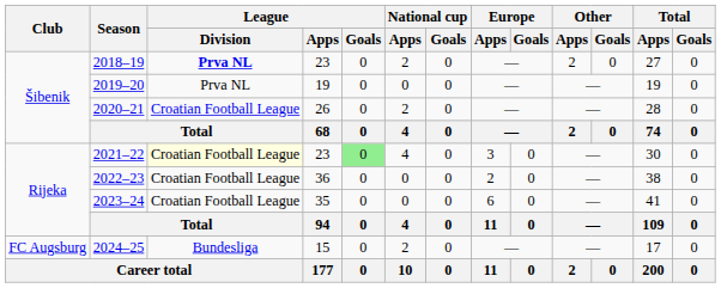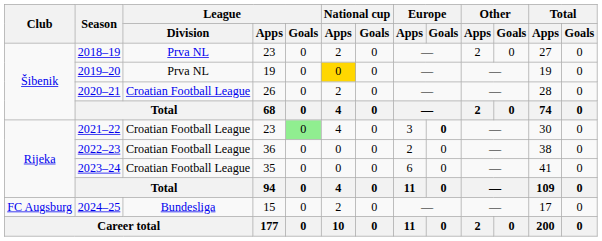 <table class="wikitable" style="text-align:center">
 <tr>
 <th rowspan="2">Club</th>
 <th rowspan="2">Season</th>
 <th colspan="3">League</th>
 <th colspan="2">National cup</th>
 <th colspan="2">Europe</th>
 <th colspan="2">Other</th>
 <th colspan="2">Total</th>
 </tr>
 <tr>
 <th>Division</th>
 <th>Apps</th>
 <th>Goals</th>
 <th>Apps</th>
 <th>Goals</th>
 <th>Apps</th>
 <th>Goals</th>
 <th>Apps</th>
 <th>Goals</th>
 <th>Apps</th>
 <th>Goals</th>
 </tr>
 <tr>
 <td rowspan="4"><a href='#'>Šibenik</a></td>
 <td><a href='#'>2018–19</a></td>
-<td><strong><a href='#'>Prva NL</a></strong></td>
+<td><a href='#'>Prva NL</a></td>
 <td>23</td>
 <td>0</td>
 <td>2</td>
 <td>0</td>
 <td colspan="2">—</td>
 <td>2</td>
 <td>0</td>
 <td>27</td>
 <td>0</td>
 </tr>
 <tr>
 <td><a href='#'>2019–20</a></td>
 <td>Prva NL</td>
 <td>19</td>
 <td>0</td>
-<td>0</td>
+<td style="background: gold;">0</td>
 <td>0</td>
 <td colspan="2">—</td>
 <td colspan="2">—</td>
 <td>19</td>
 <td>0</td>
 </tr>
 <tr>
 <td><a href='#'>2020–21</a></td>
 <td><a href='#'>Croatian Football League</a></td>
 <td>26</td>
 <td>0</td>
 <td>2</td>
 <td>0</td>
 <td colspan="2">—</td>
 <td colspan="2">—</td>
 <td>28</td>
 <td>0</td>
 </tr>
 <tr>
 <th colspan="2">Total</th>
 <th>68</th>
 <th>0</th>
 <th>4</th>
 <th>0</th>
 <th colspan="2">—</th>
 <th>2</th>
 <th>0</th>
 <th>74</th>
 <th>0</th>
 </tr>
 <tr>
 <td rowspan="4"><a href='#'>Rijeka</a></td>
 <td><a href='#'>2021–22</a></td>
-<td style="background: lightyellow;">Croatian Football League</td>
+<td>Croatian Football League</td>
 <td>23</td>
 <td style="background: lightgreen;">0</td>
 <td>4</td>
 <td>0</td>
 <td>3</td>
-<td>0</td>
+<td><strong>0</strong></td>
 <td colspan="2">—</td>
 <td>30</td>
 <td>0</td>
 </tr>
 <tr>
 <td><a href='#'>2022–23</a></td>
 <td>Croatian Football League</td>
 <td>36</td>
 <td>0</td>
 <td>0</td>
 <td>0</td>
 <td>2</td>
 <td>0</td>
 <td colspan="2">—</td>
 <td>38</td>
 <td>0</td>
 </tr>
 <tr>
 <td><a href='#'>2023–24</a></td>
 <td>Croatian Football League</td>
 <td>35</td>
 <td>0</td>
 <td>0</td>
 <td>0</td>
 <td>6</td>
 <td>0</td>
 <td colspan="2">—</td>
 <td>41</td>
 <td>0</td>
 </tr>
 <tr>
 <th colspan="2">Total</th>
 <th>94</th>
 <th>0</th>
 <th>4</th>
 <th>0</th>
 <th>11</th>
 <th>0</th>
 <th colspan="2">—</th>
 <th>109</th>
 <th>0</th>
 </tr>
 <tr>
 <td><a href='#'>FC Augsburg</a></td>
 <td><a href='#'>2024–25</a></td>
 <td><a href='#'>Bundesliga</a></td>
 <td>15</td>
 <td>0</td>
 <td>2</td>
 <td>0</td>
 <td colspan="2">—</td>
 <td colspan="2">—</td>
 <td>17</td>
 <td>0</td>
 </tr>
 <tr>
 <th colspan="3">Career total</th>
 <th>177</th>
 <th>0</th>
 <th>10</th>
 <th>0</th>
 <th>11</th>
 <th>0</th>
 <th>2</th>
 <th>0</th>
 <th>200</th>
 <th>0</th>
 </tr>
 </table>
